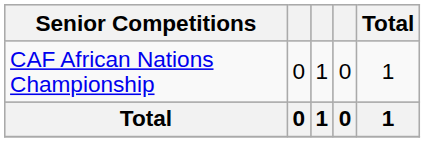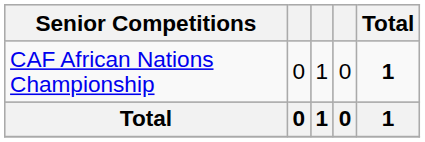 <table class="wikitable" style="width:30%; font-size:90%; text-align:center">
 <tr>
 <th>Senior Competitions</th>
 <th></th>
 <th></th>
 <th></th>
 <th>Total</th>
 </tr>
 <tr>
 <td align=left><a href='#'>CAF African Nations Championship</a></td>
 <td>0</td>
 <td>1</td>
 <td>0</td>
-<td>1</td>
+<td><strong>1</strong></td>
 </tr>
 <tr>
 <th>Total</th>
 <th>0</th>
 <th>1</th>
 <th>0</th>
 <th>1</th>
 </tr>
 <tr>
 </tr>
 </table>
